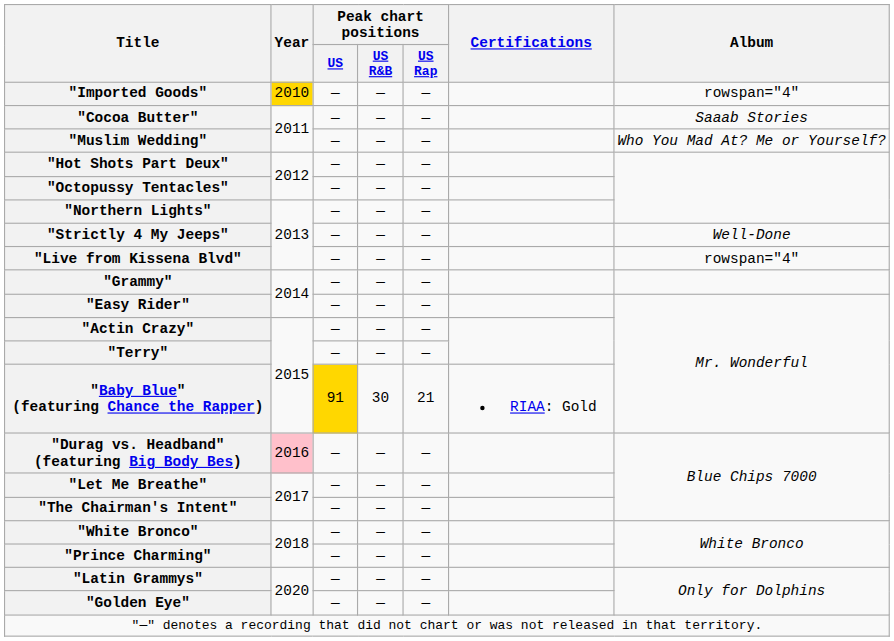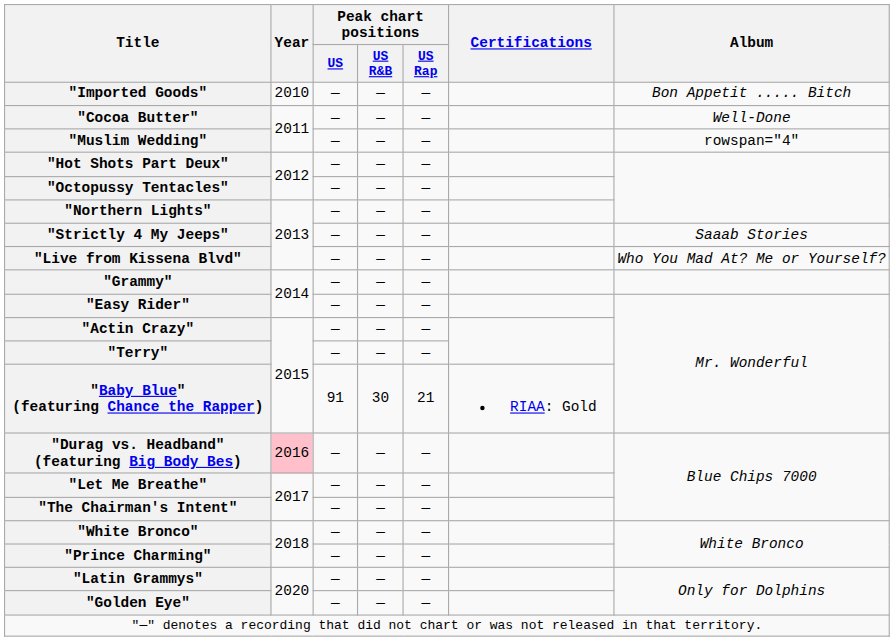 <table class="wikitable plainrowheaders" style="text-align:center;">
 <tr>
 <th scope="col" rowspan="2" style="width:18em;">Title</th>
 <th scope="col" rowspan="2">Year</th>
 <th scope="col" colspan="3">Peak chart positions</th>
 <th scope="col" rowspan="2" style="width:11em;"><a href='#'>Certifications</a></th>
 <th scope="col" rowspan="2">Album</th>
 </tr>
 <tr>
 <th scope="col" style="width:3em;font-size:90%;"><a href='#'>US</a><br></th>
 <th scope="col" style="width:3em;font-size:90%;"><a href='#'>US R&B</a><br></th>
 <th scope="col" style="width:3em;font-size:90%;"><a href='#'>US Rap</a><br></th>
 </tr>
 <tr>
 <th scope="row">"Imported Goods"</th>
-<td style="background: gold;">2010</td>
+<td>2010</td>
 <td>—</td>
 <td>—</td>
 <td>—</td>
 <td></td>
-<td>rowspan="4" </td>
+<td><em>Bon Appetit ..... Bitch</em></td>
 </tr>
 <tr>
 <th scope="row">"Cocoa Butter"<br></th>
 <td rowspan="2">2011</td>
 <td>—</td>
 <td>—</td>
 <td>—</td>
 <td></td>
-<td><em>Saaab Stories</em></td>
+<td><em>Well-Done</em></td>
 </tr>
 <tr>
 <th scope="row">"Muslim Wedding"</th>
 <td>—</td>
 <td>—</td>
 <td>—</td>
 <td></td>
-<td><em>Who You Mad At? Me or Yourself?</em></td>
+<td>rowspan="4" </td>
 </tr>
 <tr>
 <th scope="row">"Hot Shots Part Deux"<br></th>
 <td rowspan="2">2012</td>
 <td>—</td>
 <td>—</td>
 <td>—</td>
 <td></td>
 </tr>
 <tr>
 <th scope="row">"Octopussy Tentacles"<br></th>
 <td>—</td>
 <td>—</td>
 <td>—</td>
 <td></td>
 </tr>
 <tr>
 <th scope="row">"Northern Lights"<br></th>
 <td rowspan="3">2013</td>
 <td>—</td>
 <td>—</td>
 <td>—</td>
 <td></td>
 </tr>
 <tr>
 <th scope="row">"Strictly 4 My Jeeps"</th>
 <td>—</td>
 <td>—</td>
 <td>—</td>
 <td></td>
-<td><em>Well-Done</em></td>
+<td><em>Saaab Stories</em></td>
 </tr>
 <tr>
 <th scope="row">"Live from Kissena Blvd"<br></th>
 <td>—</td>
 <td>—</td>
 <td>—</td>
 <td></td>
-<td>rowspan="4" </td>
+<td><em>Who You Mad At? Me or Yourself?</em></td>
 </tr>
 <tr>
 <th scope="row">"Grammy"<br></th>
 <td rowspan="2">2014</td>
 <td>—</td>
 <td>—</td>
 <td>—</td>
 <td></td>
 <td></td>
 </tr>
 <tr>
 <th scope="row">"Easy Rider"</th>
 <td>—</td>
 <td>—</td>
 <td>—</td>
 <td></td>
 <td rowspan="4"><em>Mr. Wonderful</em></td>
 </tr>
 <tr>
 <th scope="row">"Actin Crazy"</th>
 <td rowspan="3">2015</td>
 <td>—</td>
 <td>—</td>
 <td>—</td>
 </tr>
 <tr>
 <th scope="row">"Terry"</th>
 <td>—</td>
 <td>—</td>
 <td>—</td>
 </tr>
 <tr>
 <th scope="row">"<a href='#'>Baby Blue</a>" <br><span>(featuring <a href='#'>Chance the Rapper</a>)</span></th>
-<td style="background: gold;">91</td>
+<td>91</td>
 <td>30</td>
 <td>21</td>
 <td><br><ul><li><a href='#'>RIAA</a>: Gold</li></ul></td>
 </tr>
 <tr>
 <th scope="row">"Durag vs. Headband"<br><span>(featuring <a href='#'>Big Body Bes</a>)</span></th>
 <td style="background: pink;">2016</td>
 <td>—</td>
 <td>—</td>
 <td>—</td>
 <td></td>
 <td rowspan="3"><em>Blue Chips 7000</em></td>
 </tr>
 <tr>
 <th scope="row">"Let Me Breathe"</th>
 <td rowspan="2">2017</td>
 <td>—</td>
 <td>—</td>
 <td>—</td>
 <td></td>
 </tr>
 <tr>
 <th scope="row">"The Chairman's Intent"</th>
 <td>—</td>
 <td>—</td>
 <td>—</td>
 <td></td>
 </tr>
 <tr>
 <th scope="row">"White Bronco"</th>
 <td rowspan="2">2018</td>
 <td>—</td>
 <td>—</td>
 <td>—</td>
 <td></td>
 <td rowspan="2"><em>White Bronco</em></td>
 </tr>
 <tr>
 <th scope="row">"Prince Charming"</th>
 <td>—</td>
 <td>—</td>
 <td>—</td>
 <td></td>
 </tr>
 <tr>
 <th scope="row">"Latin Grammys"</th>
 <td rowspan="2">2020</td>
 <td>—</td>
 <td>—</td>
 <td>—</td>
 <td></td>
 <td rowspan="2"><em>Only for Dolphins</em></td>
 </tr>
 <tr>
 <th scope="row">"Golden Eye"</th>
 <td>—</td>
 <td>—</td>
 <td>—</td>
 <td></td>
 </tr>
 <tr>
 <td colspan="13" style="font-size:90%">"—" denotes a recording that did not chart or was not released in that territory.</td>
 </tr>
 </table>
